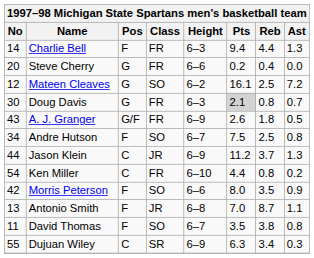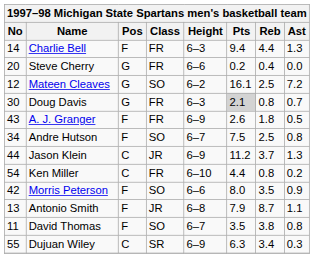 <table class="wikitable sortable" style="font-size: 90%" |->
 <tr>
 <th colspan=9 style=>1997–98 Michigan State Spartans men's basketball team</th>
 </tr>
 <tr>
 <th style="background:#">No</th>
 <th style="background:#">Name</th>
 <th style="background:#">Pos</th>
 <th style="background:#">Class</th>
 <th style="background:#">Height</th>
 <th style="background:#">Pts</th>
 <th style="background:#">Reb</th>
 <th style="background:#">Ast</th>
 </tr>
 <tr>
 <td>14</td>
 <td><a href='#'>Charlie Bell</a></td>
 <td>F</td>
 <td>FR</td>
 <td>6–3</td>
 <td>9.4</td>
 <td>4.4</td>
 <td>1.3</td>
 </tr>
 <tr>
 <td>20</td>
 <td>Steve Cherry</td>
 <td>G</td>
 <td>FR</td>
 <td>6–6</td>
 <td>0.2</td>
 <td>0.4</td>
 <td>0.0</td>
 </tr>
 <tr>
 <td>12</td>
 <td><a href='#'>Mateen Cleaves</a></td>
 <td>G</td>
 <td>SO</td>
 <td>6–2</td>
 <td>16.1</td>
 <td>2.5</td>
 <td>7.2</td>
 </tr>
 <tr>
 <td>30</td>
 <td>Doug Davis</td>
 <td>G</td>
 <td>FR</td>
 <td>6–3</td>
 <td style="background: lightgrey;">2.1</td>
 <td>0.8</td>
 <td>0.7</td>
 </tr>
 <tr>
 <td>43</td>
 <td><a href='#'>A. J. Granger</a></td>
-<td>G/F</td>
+<td>F</td>
 <td>FR</td>
 <td>6–9</td>
 <td>2.6</td>
 <td>1.8</td>
 <td>0.5</td>
 </tr>
 <tr>
 <td>34</td>
 <td>Andre Hutson</td>
 <td>F</td>
 <td>SO</td>
 <td>6–7</td>
 <td>7.5</td>
 <td>2.5</td>
 <td>0.8</td>
 </tr>
 <tr>
 <td>44</td>
 <td>Jason Klein</td>
 <td>C</td>
 <td>JR</td>
 <td>6–9</td>
 <td>11.2</td>
 <td>3.7</td>
 <td>1.3</td>
 </tr>
 <tr>
 <td>54</td>
 <td>Ken Miller</td>
 <td>C</td>
 <td>FR</td>
 <td>6–10</td>
 <td>4.4</td>
 <td>0.8</td>
 <td>0.2</td>
 </tr>
 <tr>
 <td>42</td>
 <td><a href='#'>Morris Peterson</a></td>
 <td>F</td>
 <td>SO</td>
 <td>6–6</td>
 <td>8.0</td>
 <td>3.5</td>
 <td>0.9</td>
 </tr>
 <tr>
 <td>13</td>
 <td>Antonio Smith</td>
 <td>F</td>
 <td>JR</td>
 <td>6–8</td>
-<td>7.0</td>
+<td>7.9</td>
 <td>8.7</td>
 <td>1.1</td>
 </tr>
 <tr>
 <td>11</td>
 <td>David Thomas</td>
 <td>F</td>
 <td>SO</td>
 <td>6–7</td>
 <td>3.5</td>
 <td>3.8</td>
 <td>0.8</td>
 </tr>
 <tr>
 <td>55</td>
 <td>Dujuan Wiley</td>
 <td>C</td>
 <td>SR</td>
 <td>6–9</td>
 <td>6.3</td>
 <td>3.4</td>
 <td>0.3</td>
 </tr>
 <tr>
 </tr>
 </table>
